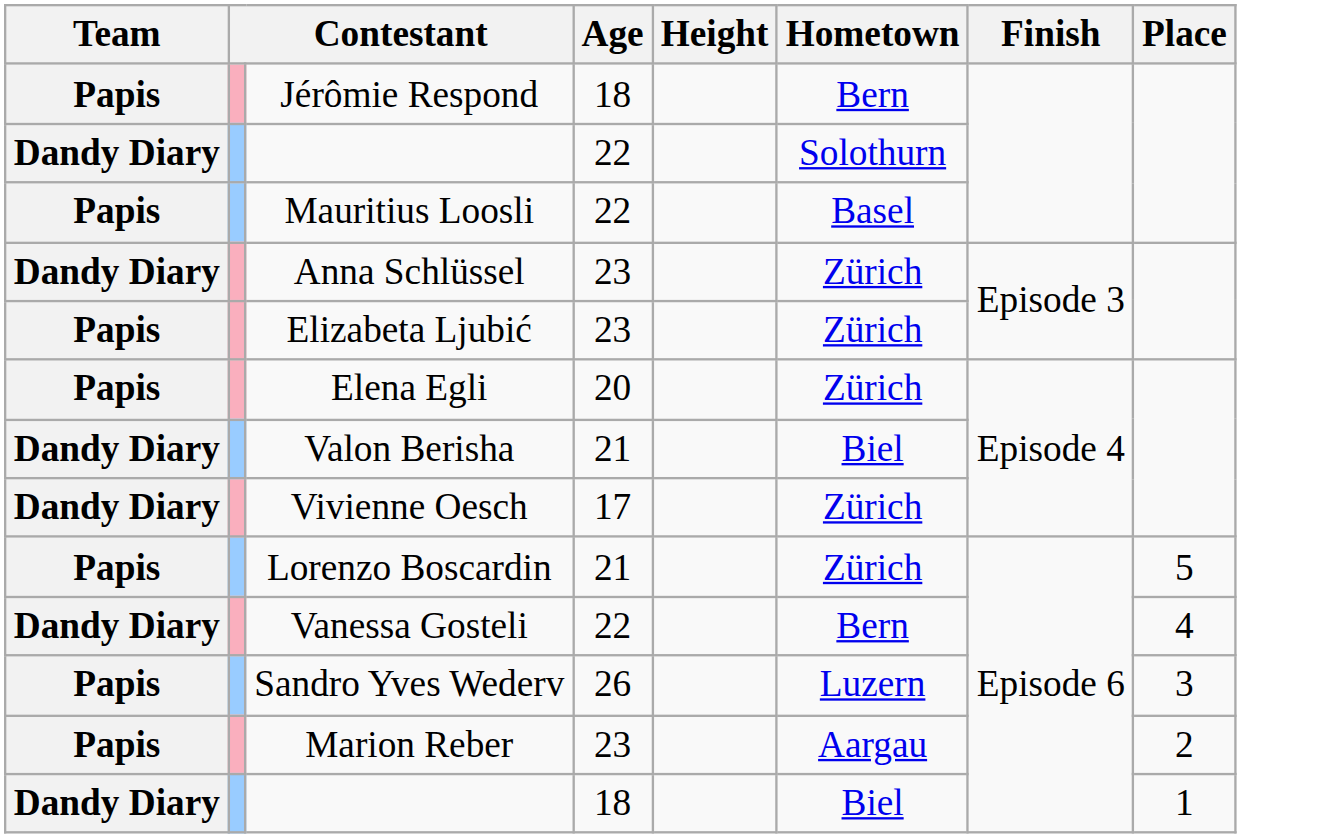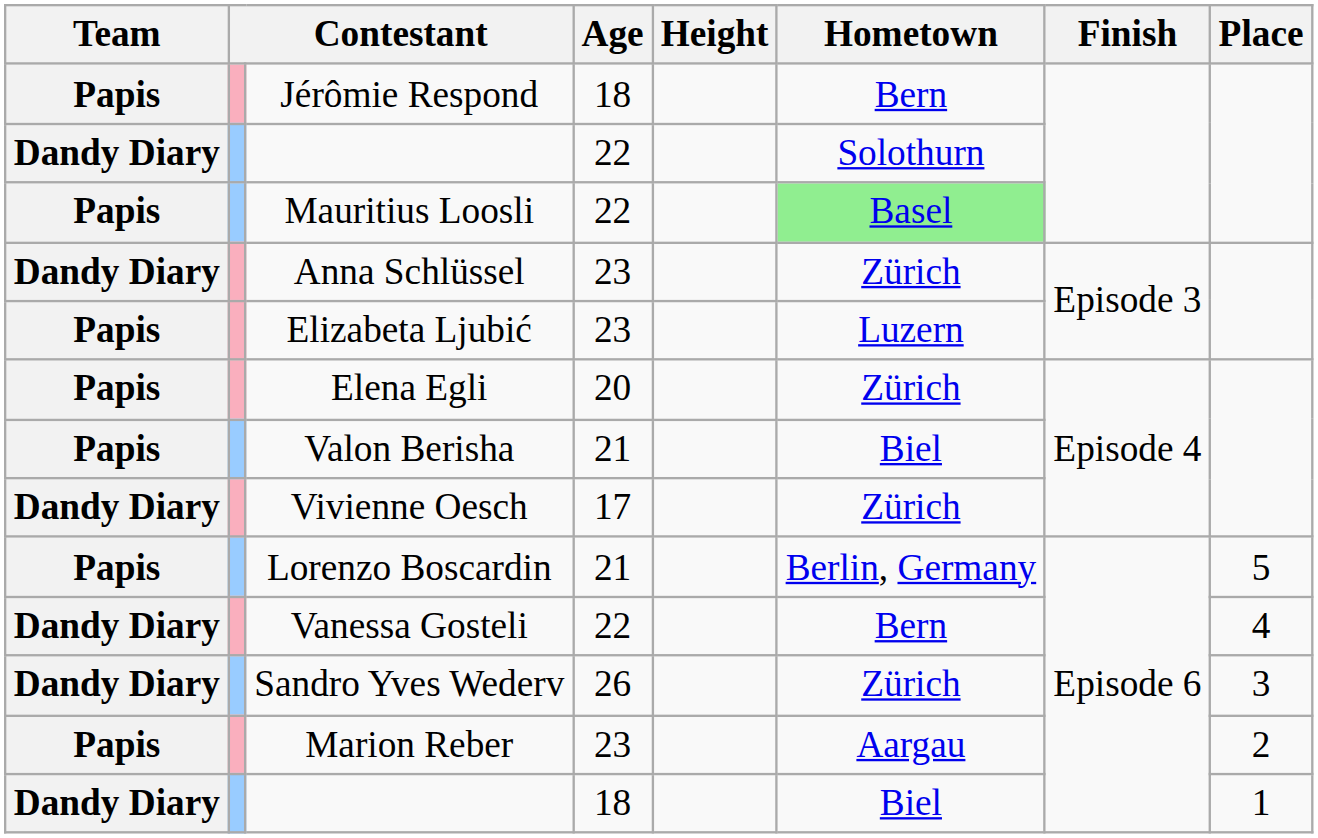 <table class="wikitable sortable" style="text-align:center;">
 <tr>
 <th>Team</th>
 <th colspan="2">Contestant</th>
 <th>Age</th>
 <th>Height</th>
 <th>Hometown</th>
 <th>Finish</th>
 <th>Place</th>
 </tr>
 <tr>
 <th><span>Papis</span></th>
 <td style="background:#faafbe"></td>
 <td>Jérômie Respond</td>
 <td>18</td>
 <td></td>
 <td><a href='#'>Bern</a></td>
 <td rowspan="3"></td>
 <td rowspan="3"></td>
 </tr>
 <tr>
 <th><span>Dandy Diary</span></th>
 <td style="background:#9cf;"></td>
 <td></td>
 <td>22</td>
 <td></td>
 <td><a href='#'>Solothurn</a></td>
 </tr>
 <tr>
 <th><span>Papis</span></th>
 <td style="background:#9cf;"></td>
 <td>Mauritius Loosli</td>
 <td>22</td>
 <td></td>
-<td><a href='#'>Basel</a></td>
+<td style="background: lightgreen;"><a href='#'>Basel</a></td>
 </tr>
 <tr>
 <th><span>Dandy Diary</span></th>
 <td style="background:#faafbe"></td>
 <td>Anna Schlüssel </td>
 <td>23</td>
 <td></td>
 <td><a href='#'>Zürich</a></td>
 <td rowspan="2">Episode 3</td>
 <td rowspan="2"></td>
 </tr>
 <tr>
 <th><span>Papis</span></th>
 <td style="background:#faafbe"></td>
 <td>Elizabeta Ljubić</td>
 <td>23</td>
 <td></td>
-<td><a href='#'>Zürich</a></td>
+<td><a href='#'>Luzern</a></td>
 </tr>
 <tr>
 <th><span>Papis</span></th>
 <td style="background:#faafbe"></td>
 <td>Elena Egli</td>
 <td>20</td>
 <td></td>
 <td><a href='#'>Zürich</a></td>
 <td rowspan="3">Episode 4</td>
 <td rowspan="3"></td>
 </tr>
 <tr>
-<th><span>Dandy Diary</span></th>
+<th><span>Papis</span></th>
 <td style="background:#9cf;"></td>
 <td>Valon Berisha</td>
 <td>21</td>
 <td></td>
 <td><a href='#'>Biel</a></td>
 </tr>
 <tr>
 <th><span>Dandy Diary</span></th>
 <td style="background:#faafbe"></td>
 <td>Vivienne Oesch</td>
 <td>17</td>
 <td></td>
 <td><a href='#'>Zürich</a></td>
 </tr>
 <tr>
 <th><span>Papis</span></th>
 <td style="background:#9cf;"></td>
 <td>Lorenzo Boscardin</td>
 <td>21</td>
 <td></td>
-<td><a href='#'>Zürich</a></td>
+<td><a href='#'>Berlin</a>, <a href='#'>Germany</a></td>
 <td rowspan="5">Episode 6</td>
 <td>5</td>
 </tr>
 <tr>
 <th><span>Dandy Diary</span></th>
 <td style="background:#faafbe"></td>
 <td>Vanessa Gosteli</td>
 <td>22</td>
 <td></td>
 <td><a href='#'>Bern</a></td>
 <td>4</td>
 </tr>
 <tr>
-<th><span>Papis</span></th>
+<th><span>Dandy Diary</span></th>
 <td style="background:#9cf;"></td>
 <td>Sandro Yves Wederv</td>
 <td>26</td>
 <td></td>
-<td><a href='#'>Luzern</a></td>
+<td><a href='#'>Zürich</a></td>
 <td>3</td>
 </tr>
 <tr>
 <th><span>Papis</span></th>
 <td style="background:#faafbe"></td>
 <td>Marion Reber</td>
 <td>23</td>
 <td></td>
 <td><a href='#'>Aargau</a></td>
 <td>2</td>
 </tr>
 <tr>
 <th><span>Dandy Diary</span></th>
 <td style="background:#9cf;"></td>
 <td></td>
 <td>18</td>
 <td></td>
 <td><a href='#'>Biel</a></td>
 <td>1</td>
 </tr>
 </table>
